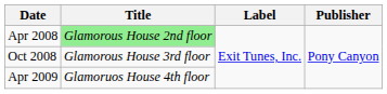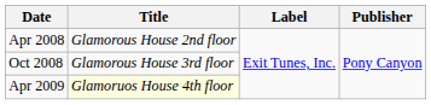 <table class="wikitable">
 <tr>
 <th>Date</th>
 <th>Title</th>
 <th>Label</th>
 <th>Publisher</th>
 </tr>
 <tr>
 <td>Apr 2008</td>
-<td style="background: lightgreen;"><em>Glamorous House 2nd floor</em></td>
+<td><em>Glamorous House 2nd floor</em></td>
 <td rowspan="3"><a href='#'>Exit Tunes, Inc.</a></td>
 <td rowspan="3"><a href='#'>Pony Canyon</a></td>
 </tr>
 <tr>
 <td>Oct 2008</td>
 <td><em>Glamorous House 3rd floor</em></td>
 </tr>
 <tr>
 <td>Apr 2009</td>
-<td><em>Glamoruos House 4th floor</em></td>
+<td style="background: lightyellow;"><em>Glamoruos House 4th floor</em></td>
 </tr>
 </table>
